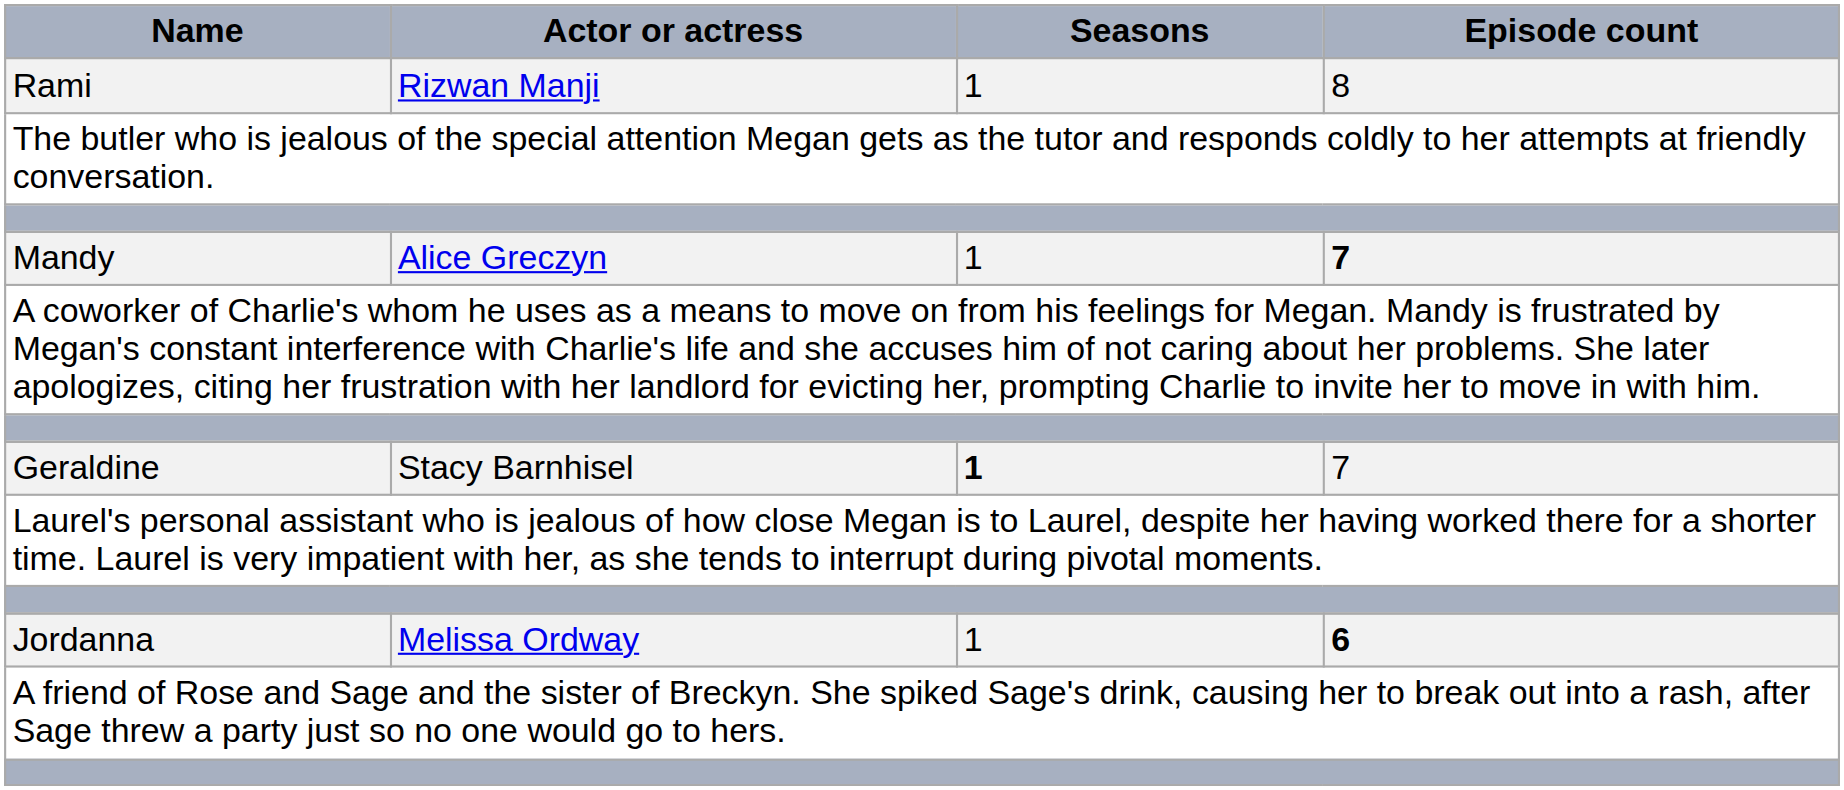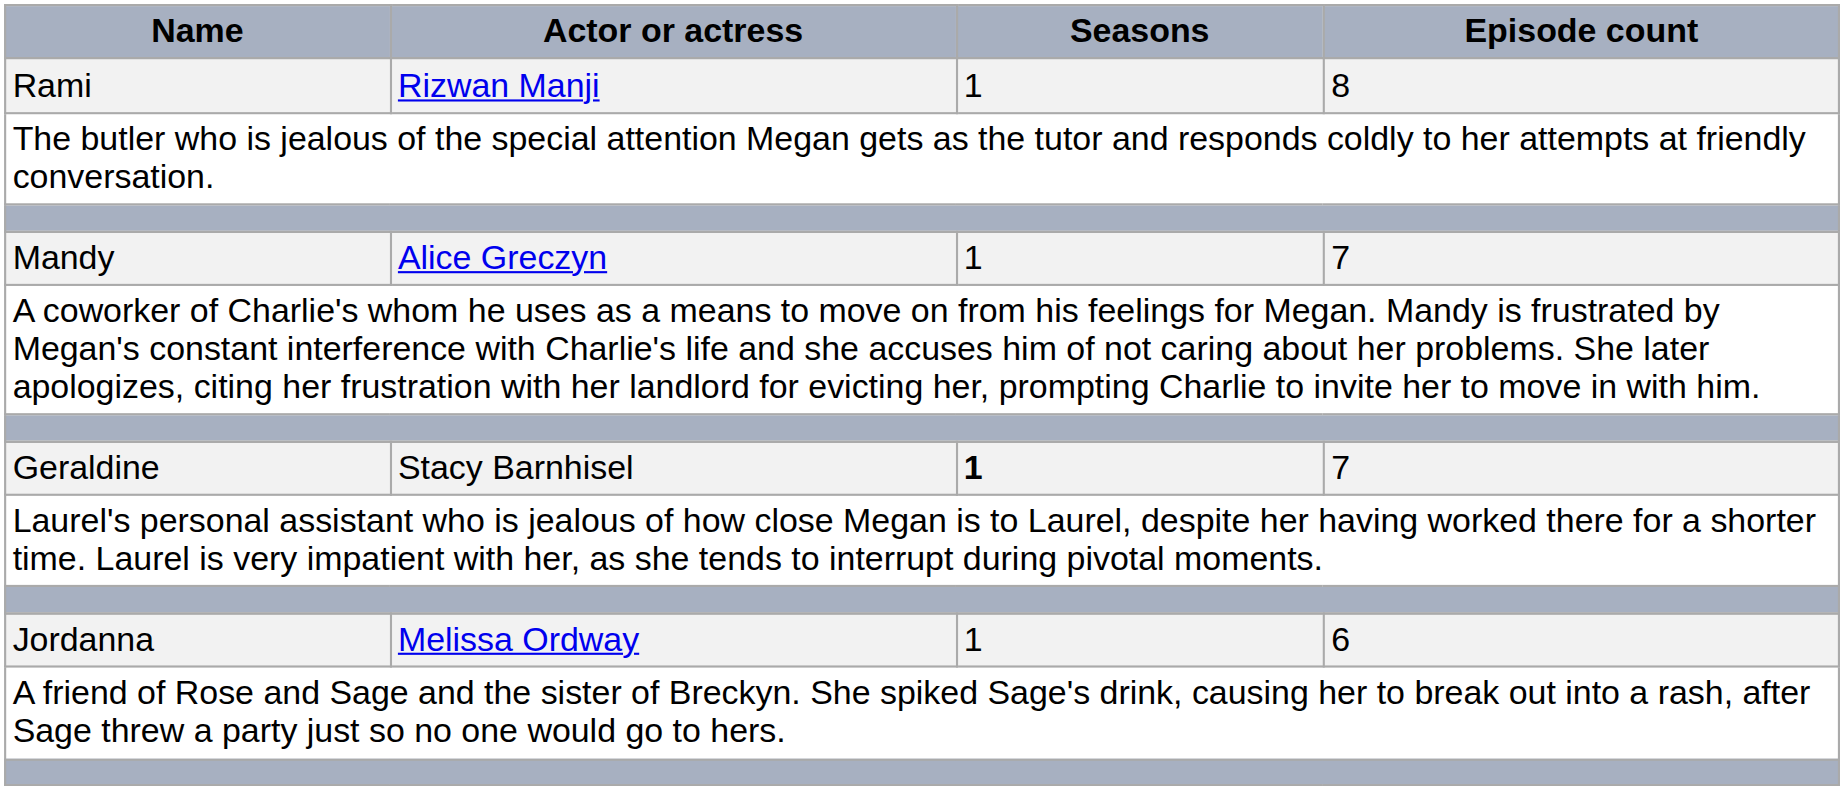 <table class="wikitable" style="width:98%; margin:auto; background-color:#FFFFFF">
 <tr>
 <th style="background-color: #A7B0C1;">Name</th>
 <th style="background-color: #A7B0C1;">Actor or actress</th>
 <th style="background-color: #A7B0C1;">Seasons</th>
 <th style="background-color: #A7B0C1;">Episode count</th>
 </tr>
 <tr style="background-color: #F2F2F2;" |>
 </tr>
 <tr style="background-color: #F2F2F2;" |>
 <td><span></span>Rami</td>
 <td><a href='#'>Rizwan Manji</a></td>
 <td>1</td>
 <td>8</td>
 </tr>
 <tr>
 <td colspan="5" height="5" sadvfsdavs>The butler who is jealous of the special attention Megan gets as the tutor and responds coldly to her attempts at friendly conversation.</td>
 </tr>
 <tr>
 <td colspan="5" height="5" bgcolor="#A7B0C1"></td>
 </tr>
 <tr>
 </tr>
 <tr style="background-color: #F2F2F2;" |>
 <td><span></span>Mandy</td>
 <td><a href='#'>Alice Greczyn</a></td>
 <td>1</td>
-<td><strong>7</strong></td>
+<td>7</td>
 </tr>
 <tr>
 <td colspan="5" height="5" sadvfsdavs>A coworker of Charlie's whom he uses as a means to move on from his feelings for Megan. Mandy is frustrated by Megan's constant interference with Charlie's life and she accuses him of not caring about her problems. She later apologizes, citing her frustration with her landlord for evicting her, prompting Charlie to invite her to move in with him.</td>
 </tr>
 <tr>
 <td colspan="5" height="5" bgcolor="#A7B0C1"></td>
 </tr>
 <tr>
 </tr>
 <tr style="background-color: #F2F2F2;" |>
 <td><span></span>Geraldine</td>
 <td>Stacy Barnhisel</td>
 <td><strong>1</strong></td>
 <td>7</td>
 </tr>
 <tr>
 <td colspan="5" height="5" sadvfsdavs>Laurel's personal assistant who is jealous of how close Megan is to Laurel, despite her having worked there for a shorter time. Laurel is very impatient with her, as she tends to interrupt during pivotal moments.</td>
 </tr>
 <tr>
 <td colspan="5" height="5" bgcolor="#A7B0C1"></td>
 </tr>
 <tr>
 </tr>
 <tr style="background-color: #F2F2F2;" |>
 <td><span></span>Jordanna</td>
 <td><a href='#'>Melissa Ordway</a></td>
 <td>1</td>
-<td><strong>6</strong></td>
+<td>6</td>
 </tr>
 <tr>
 <td colspan="5" height="5" sadvfsdavs>A friend of Rose and Sage and the sister of Breckyn. She spiked Sage's drink, causing her to break out into a rash, after Sage threw a party just so no one would go to hers.</td>
 </tr>
 <tr>
 <td colspan="5" height="5" bgcolor="#A7B0C1"></td>
 </tr>
 <tr>
 </tr>
 </table>
